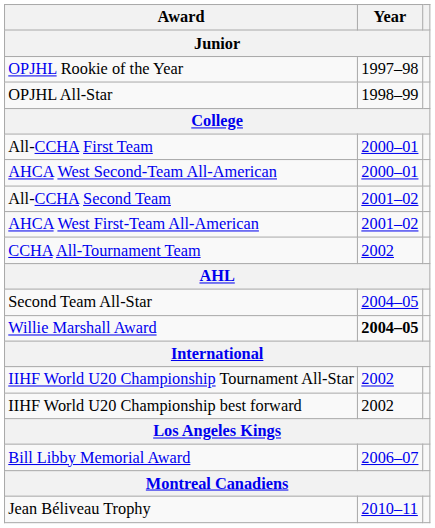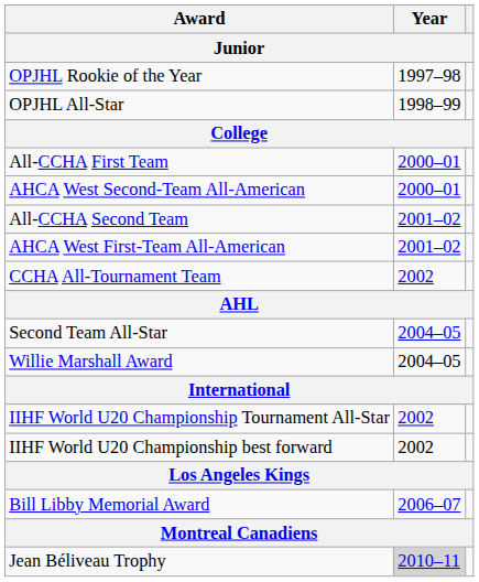 <table class="wikitable">
 <tr>
 <th>Award</th>
 <th>Year</th>
 <th></th>
 </tr>
 <tr>
 <th colspan="3">Junior</th>
 </tr>
 <tr>
 <td><a href='#'>OPJHL</a> Rookie of the Year</td>
 <td>1997–98</td>
 <td></td>
 </tr>
 <tr>
 <td>OPJHL All-Star</td>
 <td>1998–99</td>
 <td></td>
 </tr>
 <tr>
 <th colspan="3"><a href='#'>College</a></th>
 </tr>
 <tr>
 <td>All-<a href='#'>CCHA</a> <a href='#'>First Team</a></td>
 <td><a href='#'>2000–01</a></td>
 <td></td>
 </tr>
 <tr>
 <td><a href='#'>AHCA</a> <a href='#'>West Second-Team All-American</a></td>
 <td><a href='#'>2000–01</a></td>
 <td></td>
 </tr>
 <tr>
 <td>All-<a href='#'>CCHA</a> <a href='#'>Second Team</a></td>
 <td><a href='#'>2001–02</a></td>
 <td></td>
 </tr>
 <tr>
 <td><a href='#'>AHCA</a> <a href='#'>West First-Team All-American</a></td>
 <td><a href='#'>2001–02</a></td>
 <td></td>
 </tr>
 <tr>
 <td><a href='#'>CCHA</a> <a href='#'>All-Tournament Team</a></td>
 <td><a href='#'>2002</a></td>
 <td></td>
 </tr>
 <tr>
 <th colspan="3"><a href='#'>AHL</a></th>
 </tr>
 <tr>
 <td>Second Team All-Star</td>
 <td><a href='#'>2004–05</a></td>
 <td></td>
 </tr>
 <tr>
 <td><a href='#'>Willie Marshall Award</a></td>
-<td><strong>2004–05</strong></td>
+<td>2004–05</td>
 <td></td>
 </tr>
 <tr>
 <th colspan="3"><a href='#'>International</a></th>
 </tr>
 <tr>
 <td><a href='#'>IIHF World U20 Championship</a> Tournament All-Star</td>
 <td><a href='#'>2002</a></td>
 <td></td>
 </tr>
 <tr>
 <td>IIHF World U20 Championship best forward</td>
 <td>2002</td>
 <td></td>
 </tr>
 <tr>
 <th colspan="3"><a href='#'>Los Angeles Kings</a></th>
 </tr>
 <tr>
 <td><a href='#'>Bill Libby Memorial Award</a></td>
 <td><a href='#'>2006–07</a></td>
 <td></td>
 </tr>
 <tr>
 <th colspan="3"><a href='#'>Montreal Canadiens</a></th>
 </tr>
 <tr>
 <td>Jean Béliveau Trophy</td>
-<td><a href='#'>2010–11</a></td>
+<td style="background: lightgrey;"><a href='#'>2010–11</a></td>
 <td></td>
 </tr>
 </table>
